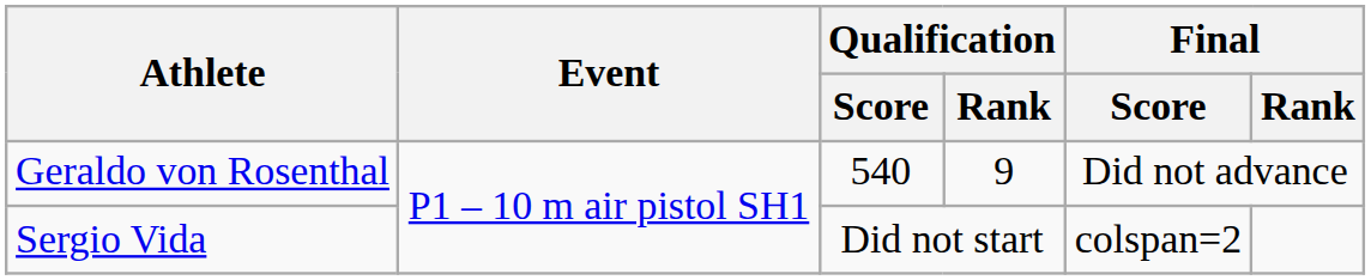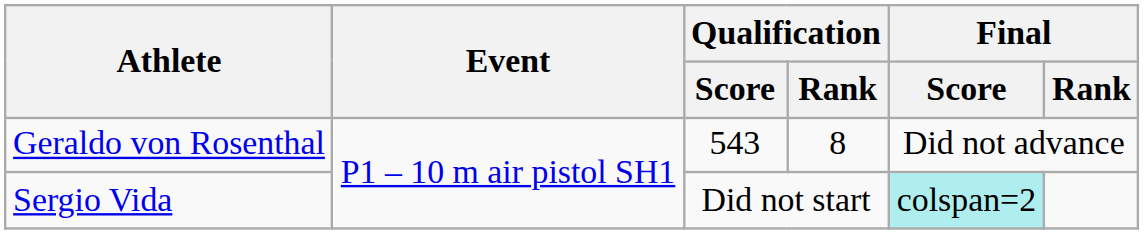 <table class=wikitable style="font-size:90%">
 <tr>
 <th rowspan="2">Athlete</th>
 <th rowspan="2">Event</th>
 <th colspan="2">Qualification</th>
 <th colspan="2">Final</th>
 </tr>
 <tr>
 <th>Score</th>
 <th>Rank</th>
 <th>Score</th>
 <th>Rank</th>
 </tr>
 <tr align=center>
 <td align=left><a href='#'>Geraldo von Rosenthal</a></td>
 <td align=left rowspan=2><a href='#'>P1 – 10 m air pistol SH1</a></td>
-<td>540</td>
-<td>9</td>
+<td>543</td>
+<td>8</td>
 <td colspan=2>Did not advance</td>
 </tr>
 <tr align=center>
 <td align=left><a href='#'>Sergio Vida</a></td>
 <td colspan=2>Did not start</td>
-<td>colspan=2 </td>
+<td style="background: paleturquoise;">colspan=2 </td>
 </tr>
 </table>
